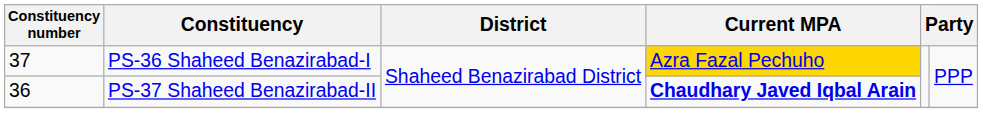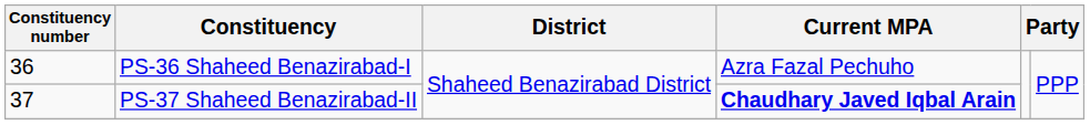 <table class="wikitable">
 <tr>
 <th width="50px" style="font-size:75%">Constituency number</th>
 <th>Constituency</th>
 <th>District</th>
 <th>Current MPA</th>
 <th colspan="2">Party</th>
 </tr>
 <tr>
-<td>37</td>
+<td>36</td>
 <td><a href='#'>PS-36 Shaheed Benazirabad-I</a></td>
 <td rowspan="2"><a href='#'>Shaheed Benazirabad District</a></td>
-<td style="background: gold;"><a href='#'>Azra Fazal Pechuho</a></td>
+<td><a href='#'>Azra Fazal Pechuho</a></td>
 <td rowspan="2"></td>
 <td rowspan="2"><a href='#'>PPP</a></td>
 </tr>
 <tr>
-<td>36</td>
+<td>37</td>
 <td><a href='#'>PS-37 Shaheed Benazirabad-II</a></td>
 <td><strong><a href='#'>Chaudhary Javed Iqbal Arain</a></strong></td>
 </tr>
 <tr>
 </tr>
 </table>
